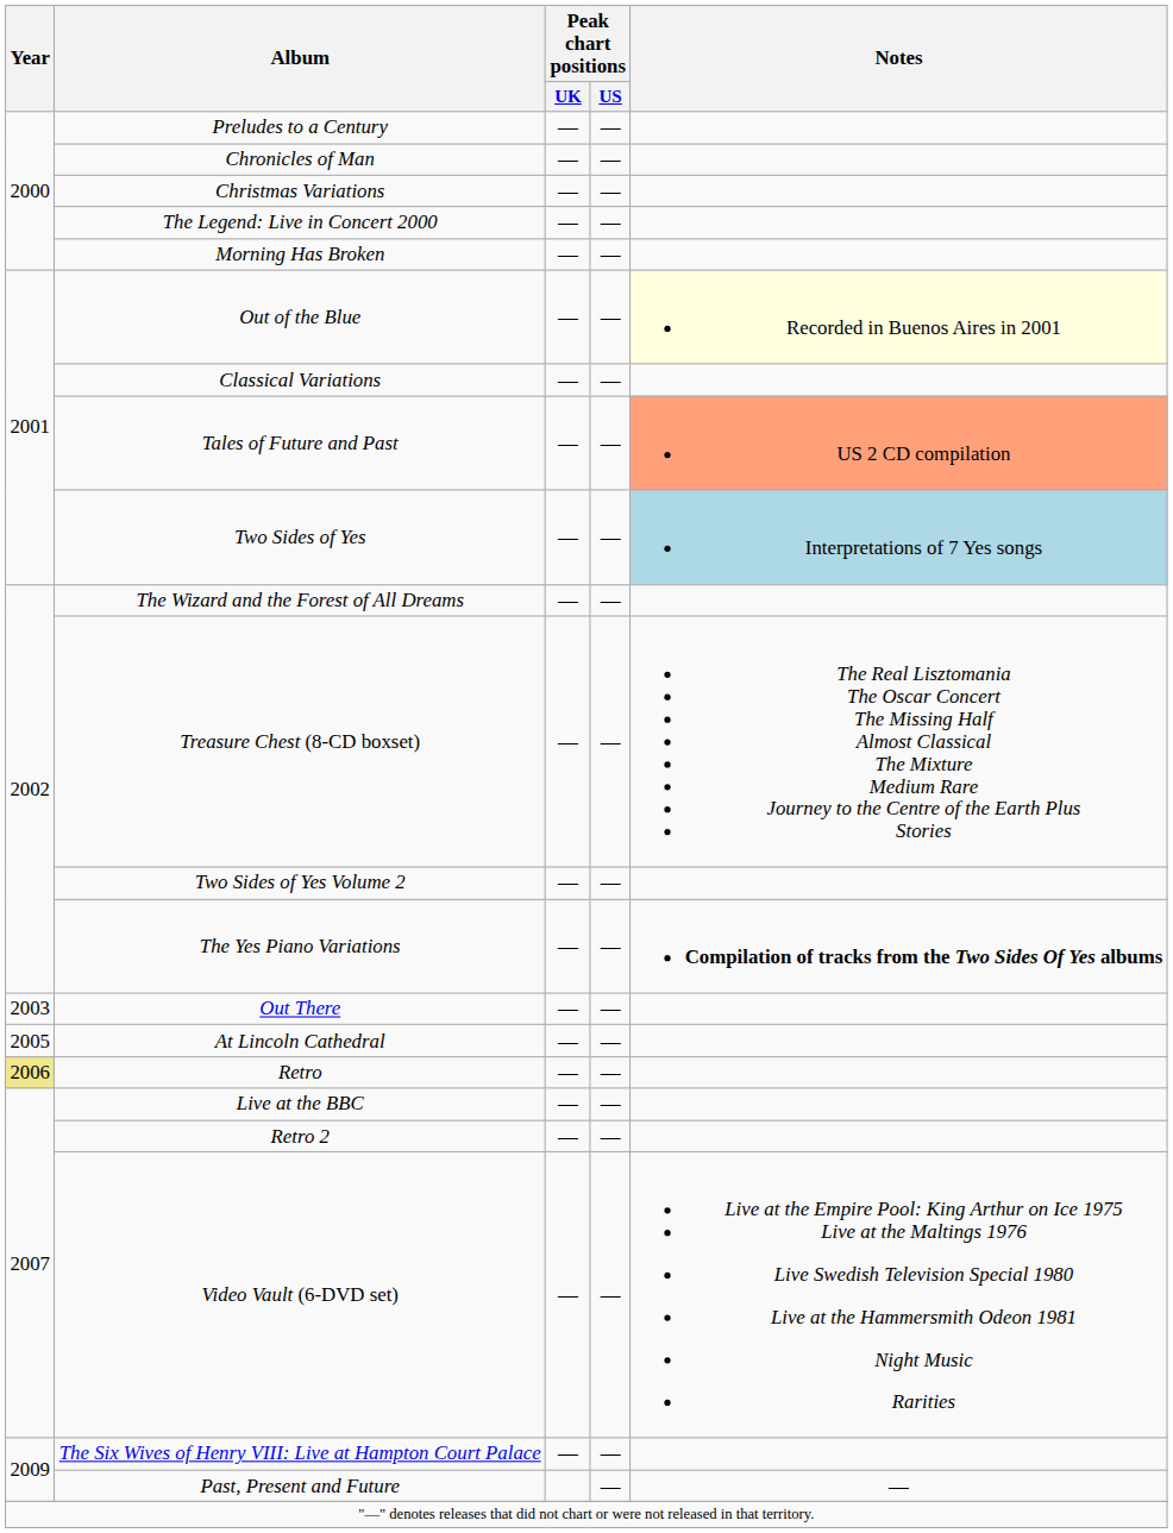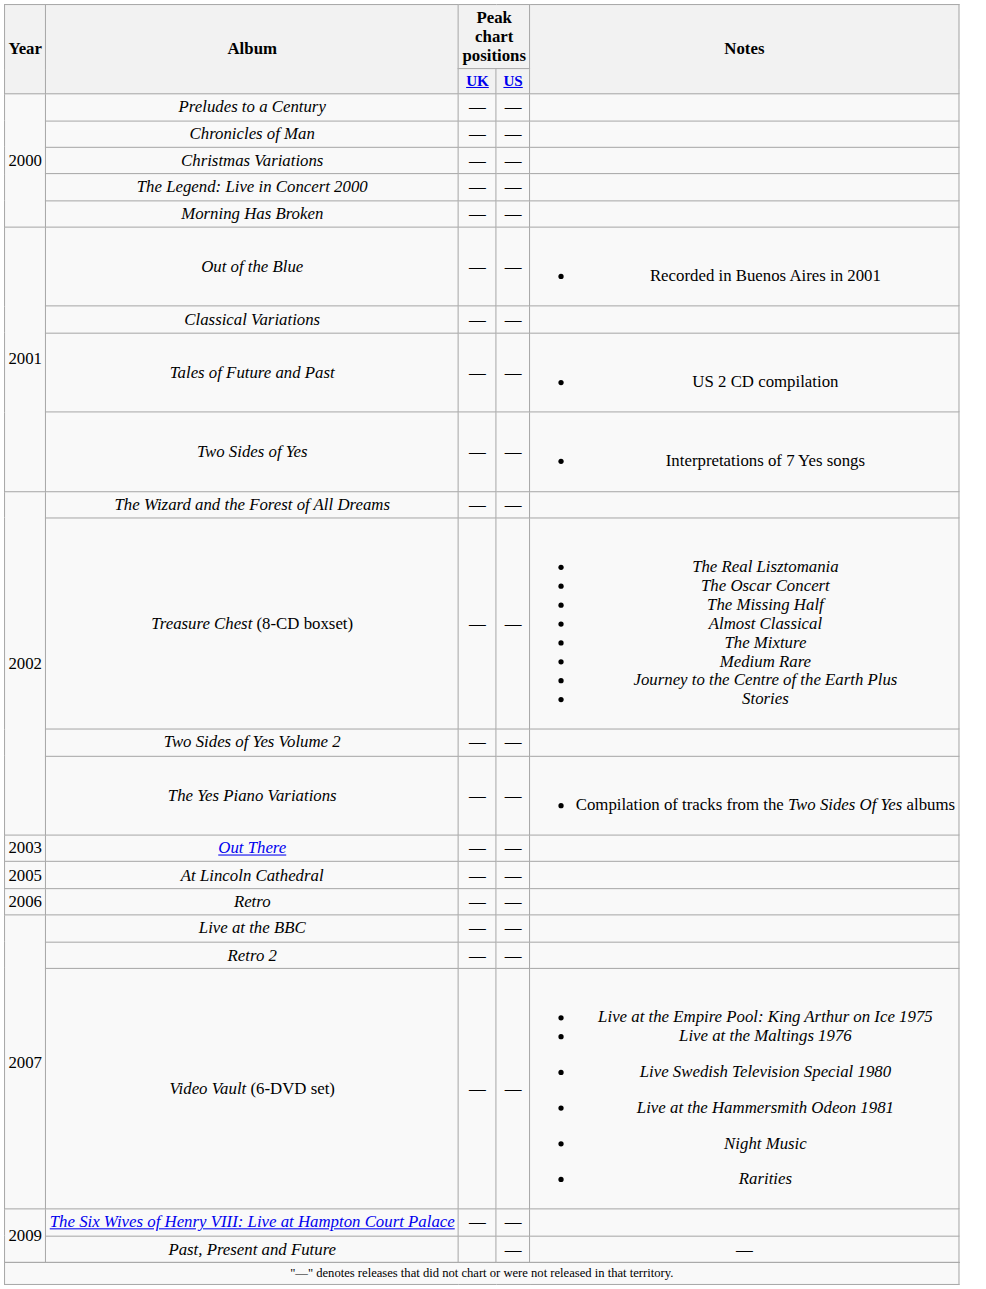 <table class="wikitable plainrowheaders" style="text-align:center;">
 <tr>
 <th rowspan=2 width="1em">Year</th>
 <th rowspan=2>Album</th>
 <th colspan=2>Peak chart positions</th>
 <th rowspan=2>Notes</th>
 </tr>
 <tr>
 <th style="width:1em;font-size:90%"><a href='#'>UK</a><br></th>
 <th style="width:1em;font-size:90%"><a href='#'>US</a><br></th>
 </tr>
 <tr>
 <td rowspan="5">2000</td>
 <td><em>Preludes to a Century</em></td>
 <td>—</td>
 <td>—</td>
 <td></td>
 </tr>
 <tr>
 <td><em>Chronicles of Man</em></td>
 <td>—</td>
 <td>—</td>
 <td></td>
 </tr>
 <tr>
 <td><em>Christmas Variations</em></td>
 <td>—</td>
 <td>—</td>
 <td></td>
 </tr>
 <tr>
 <td><em>The Legend: Live in Concert 2000</em></td>
 <td>—</td>
 <td>—</td>
 <td></td>
 </tr>
 <tr>
 <td><em>Morning Has Broken</em></td>
 <td>—</td>
 <td>—</td>
 <td></td>
 </tr>
 <tr>
 <td rowspan="4">2001</td>
 <td><em>Out of the Blue</em></td>
 <td>—</td>
 <td>—</td>
-<td style="background: lightyellow;"><br><ul><li>Recorded in Buenos Aires in 2001</li></ul></td>
+<td><br><ul><li>Recorded in Buenos Aires in 2001</li></ul></td>
 </tr>
 <tr>
 <td><em>Classical Variations</em></td>
 <td>—</td>
 <td>—</td>
 <td></td>
 </tr>
 <tr>
 <td><em>Tales of Future and Past</em></td>
 <td>—</td>
 <td>—</td>
-<td style="background: lightsalmon;"><br><ul><li>US 2 CD compilation</li></ul></td>
+<td><br><ul><li>US 2 CD compilation</li></ul></td>
 </tr>
 <tr>
 <td><em>Two Sides of Yes</em></td>
 <td>—</td>
 <td>—</td>
-<td style="background: lightblue;"><br><ul><li>Interpretations of 7 Yes songs</li></ul></td>
+<td><br><ul><li>Interpretations of 7 Yes songs</li></ul></td>
 </tr>
 <tr>
 <td rowspan="4">2002</td>
 <td><em>The Wizard and the Forest of All Dreams</em></td>
 <td>—</td>
 <td>—</td>
 <td></td>
 </tr>
 <tr>
 <td><em>Treasure Chest</em> (8-CD boxset)</td>
 <td>—</td>
 <td>—</td>
 <td><br><ul><li><em>The Real Lisztomania</em></li><li><em>The Oscar Concert</em></li><li><em>The Missing Half</em></li><li><em>Almost Classical</em></li><li><em>The Mixture</em></li><li><em>Medium Rare</em></li><li><em>Journey to the Centre of the Earth Plus</em></li><li><em>Stories</em></li></ul></td>
 </tr>
 <tr>
 <td><em>Two Sides of Yes Volume 2</em></td>
 <td>—</td>
 <td>—</td>
 <td></td>
 </tr>
 <tr>
 <td><em>The Yes Piano Variations</em></td>
 <td>—</td>
 <td>—</td>
-<td><strong><br><ul><li>Compilation of tracks from the <em>Two Sides Of Yes</em> albums</li></ul></strong></td>
+<td><br><ul><li>Compilation of tracks from the <em>Two Sides Of Yes</em> albums</li></ul></td>
 </tr>
 <tr>
 <td>2003</td>
 <td><em><a href='#'>Out There</a></em></td>
 <td>—</td>
 <td>—</td>
 <td></td>
 </tr>
 <tr>
 <td>2005</td>
 <td><em>At Lincoln Cathedral</em></td>
 <td>—</td>
 <td>—</td>
 <td></td>
 </tr>
 <tr>
-<td style="background: khaki;">2006</td>
+<td>2006</td>
 <td><em>Retro</em></td>
 <td>—</td>
 <td>—</td>
 <td></td>
 </tr>
 <tr>
 <td rowspan="3">2007</td>
 <td><em>Live at the BBC</em></td>
 <td>—</td>
 <td>—</td>
 <td></td>
 </tr>
 <tr>
 <td><em>Retro 2</em></td>
 <td>—</td>
 <td>—</td>
 <td></td>
 </tr>
 <tr>
 <td><em>Video Vault</em> (6-DVD set)</td>
 <td>—</td>
 <td>—</td>
 <td><br><ul><li><em>Live at the Empire Pool: King Arthur on Ice 1975</em></li><li><em>Live at the Maltings 1976</em></li></ul><ul><li><em>Live Swedish Television Special 1980</em></li></ul><ul><li><em>Live at the Hammersmith Odeon 1981</em></li></ul><ul><li><em>Night Music</em></li></ul><ul><li><em>Rarities</em></li></ul></td>
 </tr>
 <tr>
 <td rowspan="2">2009</td>
 <td><em><a href='#'>The Six Wives of Henry VIII: Live at Hampton Court Palace</a></em></td>
 <td>—</td>
 <td>—</td>
 <td></td>
 </tr>
 <tr>
 <td><em>Past, Present and Future</em></td>
 <td></td>
 <td>—</td>
 <td>—</td>
 </tr>
 <tr>
 </tr>
 <tr>
 <td colspan="6" style="text-align:center; font-size:9pt;">"—" denotes releases that did not chart or were not released in that territory.</td>
 </tr>
 </table>
